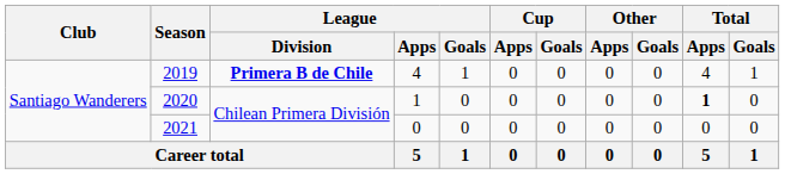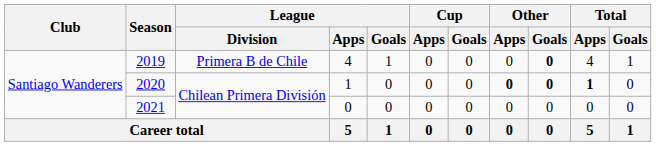 <table class="wikitable" style="text-align: center">
 <tr>
 <th rowspan="2">Club</th>
 <th rowspan="2">Season</th>
 <th colspan="3">League</th>
 <th colspan="2">Cup</th>
 <th colspan="2">Other</th>
 <th colspan="2">Total</th>
 </tr>
 <tr>
 <th>Division</th>
 <th>Apps</th>
 <th>Goals</th>
 <th>Apps</th>
 <th>Goals</th>
 <th>Apps</th>
 <th>Goals</th>
 <th>Apps</th>
 <th>Goals</th>
 </tr>
 <tr>
 <td rowspan="3"><a href='#'>Santiago Wanderers</a></td>
 <td><a href='#'>2019</a></td>
-<td><strong><a href='#'>Primera B de Chile</a></strong></td>
+<td><a href='#'>Primera B de Chile</a></td>
 <td>4</td>
 <td>1</td>
 <td>0</td>
 <td>0</td>
 <td>0</td>
-<td>0</td>
+<td><strong>0</strong></td>
 <td>4</td>
 <td>1</td>
 </tr>
 <tr>
 <td><a href='#'>2020</a></td>
 <td rowspan="2"><a href='#'>Chilean Primera División</a></td>
 <td>1</td>
 <td>0</td>
 <td>0</td>
 <td>0</td>
-<td>0</td>
-<td>0</td>
+<td><strong>0</strong></td>
+<td><strong>0</strong></td>
 <td><strong>1</strong></td>
 <td>0</td>
 </tr>
 <tr>
 <td><a href='#'>2021</a></td>
 <td>0</td>
 <td>0</td>
 <td>0</td>
 <td>0</td>
 <td>0</td>
 <td>0</td>
 <td>0</td>
 <td>0</td>
 </tr>
 <tr>
 <th colspan="3"><strong>Career total</strong></th>
 <th>5</th>
 <th>1</th>
 <th>0</th>
 <th>0</th>
 <th>0</th>
 <th>0</th>
 <th>5</th>
 <th>1</th>
 </tr>
 </table>
